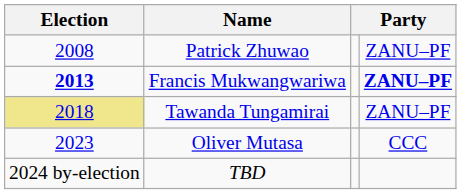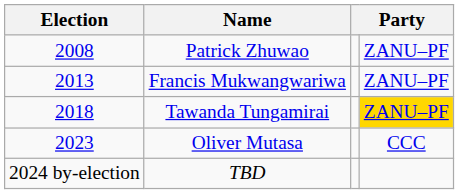 <table class="wikitable" style="text-align:center">
 <tr>
 <th>Election</th>
 <th>Name</th>
 <th colspan="2">Party</th>
 </tr>
 <tr>
 <td><a href='#'>2008</a></td>
 <td><a href='#'>Patrick Zhuwao</a></td>
 <td style="background-color: "></td>
 <td><a href='#'>ZANU–PF</a></td>
 </tr>
 <tr>
-<td><strong><a href='#'>2013</a></strong></td>
+<td><a href='#'>2013</a></td>
 <td><a href='#'>Francis Mukwangwariwa</a></td>
 <td style="background-color: "></td>
-<td><strong><a href='#'>ZANU–PF</a></strong></td>
+<td><a href='#'>ZANU–PF</a></td>
 </tr>
 <tr>
-<td style="background: khaki;"><a href='#'>2018</a></td>
+<td><a href='#'>2018</a></td>
 <td><a href='#'>Tawanda Tungamirai</a></td>
 <td style="background-color: "></td>
-<td><a href='#'>ZANU–PF</a></td>
+<td style="background: gold;"><a href='#'>ZANU–PF</a></td>
 </tr>
 <tr>
 <td><a href='#'>2023</a></td>
 <td><a href='#'>Oliver Mutasa</a></td>
 <td style="background-color: "></td>
 <td><a href='#'>CCC</a></td>
 </tr>
 <tr>
 <td>2024 by-election</td>
 <td><em>TBD</em></td>
 <td></td>
 <td></td>
 </tr>
 </table>
